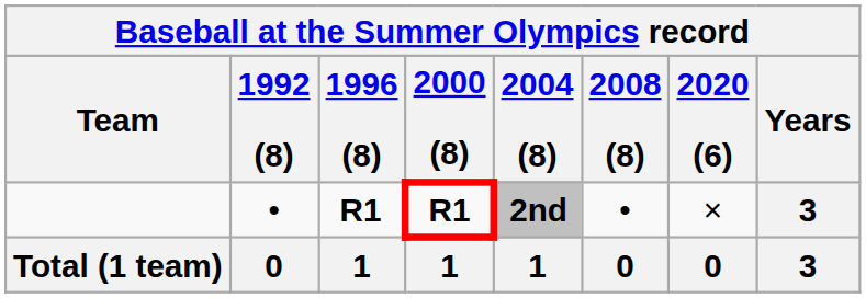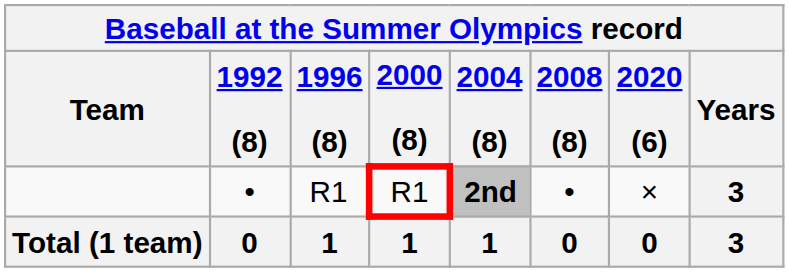 <table class="wikitable" style="text-align:center; font-size:85%;">
 <tr>
 <th colspan=26><a href='#'>Baseball at the Summer Olympics</a> record</th>
 </tr>
 <tr>
 <th>Team</th>
 <th><a href='#'>1992</a><br><br>(8)</th>
 <th><a href='#'>1996</a><br><br>(8)</th>
 <th><a href='#'>2000</a><br><br>(8)</th>
 <th><a href='#'>2004</a><br><br>(8)</th>
 <th><a href='#'>2008</a><br><br>(8)</th>
 <th><a href='#'>2020</a><br><br>(6)</th>
 <th>Years</th>
 </tr>
 <tr>
 <td align=left></td>
 <td>•</td>
-<td><strong>R1<br></strong></td>
-<td style="border: 3px solid red"><strong>R1<br></strong></td>
+<td>R1<br></td>
+<td style="border: 3px solid red">R1<br></td>
 <td style="background:Silver;"><strong>2nd</strong></td>
 <td>•</td>
 <td>×</td>
 <th>3</th>
 </tr>
 <tr>
 <th>Total (1 team)</th>
 <th>0</th>
 <th>1</th>
 <th>1</th>
 <th>1</th>
 <th>0</th>
 <th>0</th>
 <th>3</th>
 </tr>
 </table>
